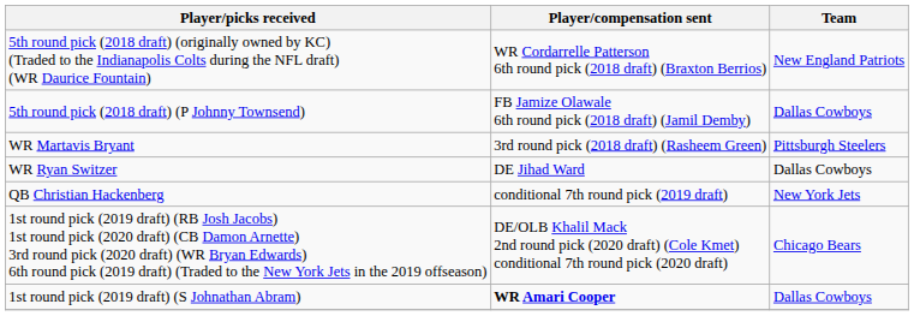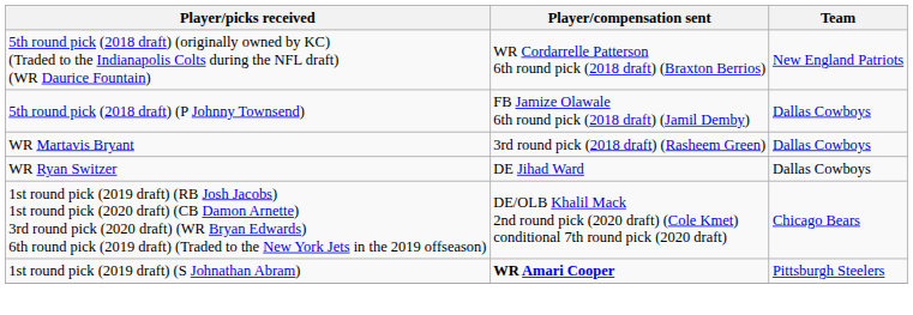 <table class="wikitable" style="font-size: 95%; text-align: left">
 <tr>
 <th>Player/picks received</th>
 <th>Player/compensation sent</th>
 <th>Team</th>
 </tr>
 <tr>
 <td><a href='#'>5th round pick</a> (<a href='#'>2018 draft</a>) (originally owned by KC)<br>(Traded to the <a href='#'>Indianapolis Colts</a> during the NFL draft)<br>(WR <a href='#'>Daurice Fountain</a>)</td>
 <td>WR <a href='#'>Cordarrelle Patterson</a><br>6th round pick (<a href='#'>2018 draft</a>) (<a href='#'>Braxton Berrios</a>)</td>
 <td><a href='#'>New England Patriots</a></td>
 </tr>
 <tr>
 <td><a href='#'>5th round pick</a> (<a href='#'>2018 draft</a>) (P <a href='#'>Johnny Townsend</a>)</td>
 <td>FB <a href='#'>Jamize Olawale</a><br>6th round pick (<a href='#'>2018 draft</a>) (<a href='#'>Jamil Demby</a>)</td>
 <td><a href='#'>Dallas Cowboys</a></td>
 </tr>
 <tr>
 <td>WR <a href='#'>Martavis Bryant</a></td>
 <td>3rd round pick (<a href='#'>2018 draft</a>) (<a href='#'>Rasheem Green</a>)</td>
-<td><a href='#'>Pittsburgh Steelers</a></td>
+<td><a href='#'>Dallas Cowboys</a></td>
 </tr>
 <tr>
 <td>WR <a href='#'>Ryan Switzer</a></td>
 <td>DE <a href='#'>Jihad Ward</a></td>
 <td>Dallas Cowboys</td>
-</tr>
-<tr>
-<td>QB <a href='#'>Christian Hackenberg</a></td>
-<td>conditional 7th round pick (<a href='#'>2019 draft</a>)</td>
-<td><a href='#'>New York Jets</a></td>
 </tr>
 <tr>
 <td>1st round pick (2019 draft) (RB <a href='#'>Josh Jacobs</a>)<br>1st round pick (2020 draft) (CB <a href='#'>Damon Arnette</a>)<br>3rd round pick (2020 draft) (WR <a href='#'>Bryan Edwards</a>)<br>6th round pick (2019 draft) (Traded to the <a href='#'>New York Jets</a> in the 2019 offseason)</td>
 <td>DE/OLB <a href='#'>Khalil Mack</a><br>2nd round pick (2020 draft) (<a href='#'>Cole Kmet</a>)<br>conditional 7th round pick (2020 draft)</td>
 <td><a href='#'>Chicago Bears</a></td>
 </tr>
 <tr>
 <td>1st round pick (2019 draft) (S <a href='#'>Johnathan Abram</a>)</td>
 <td><strong>WR <a href='#'>Amari Cooper</a></strong></td>
-<td><a href='#'>Dallas Cowboys</a></td>
+<td><a href='#'>Pittsburgh Steelers</a></td>
 </tr>
 <tr>
 </tr>
 </table>
